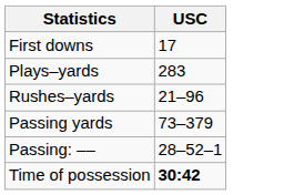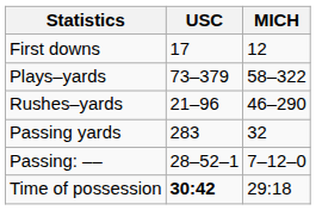 <table class="wikitable" style="float:left">
 <tr>
 <th>Statistics</th>
 <th>USC</th>
+<th>MICH</th>
 </tr>
 <tr>
 <td>First downs</td>
 <td>17</td>
+<td>12</td>
 </tr>
 <tr>
 <td>Plays–yards</td>
-<td>283</td>
+<td>73–379</td>
+<td>58–322</td>
 </tr>
 <tr>
 <td>Rushes–yards</td>
 <td>21–96</td>
+<td>46–290</td>
 </tr>
 <tr>
 <td>Passing yards</td>
-<td>73–379</td>
+<td>283</td>
+<td>32</td>
 </tr>
 <tr>
 <td>Passing: ––</td>
 <td>28–52–1</td>
+<td>7–12–0</td>
 </tr>
 <tr>
 <td>Time of possession</td>
 <td><strong>30:42</strong></td>
+<td>29:18</td>
 </tr>
 </table>
